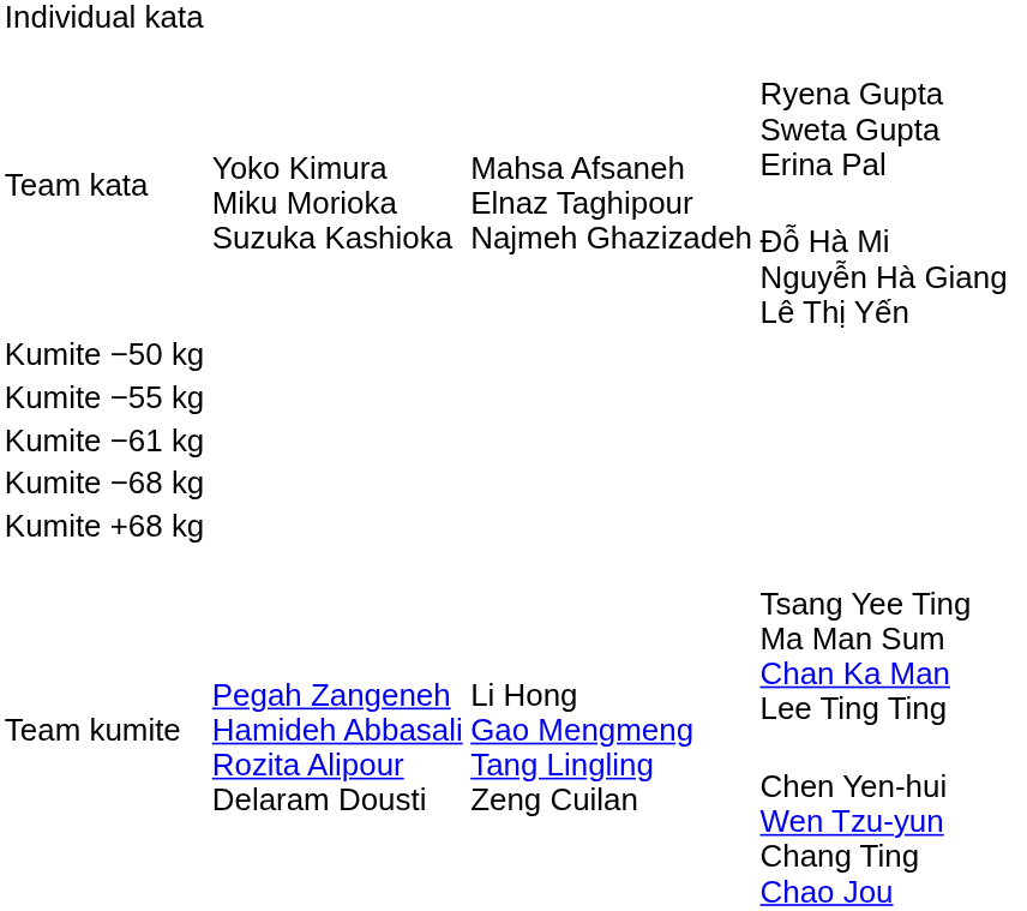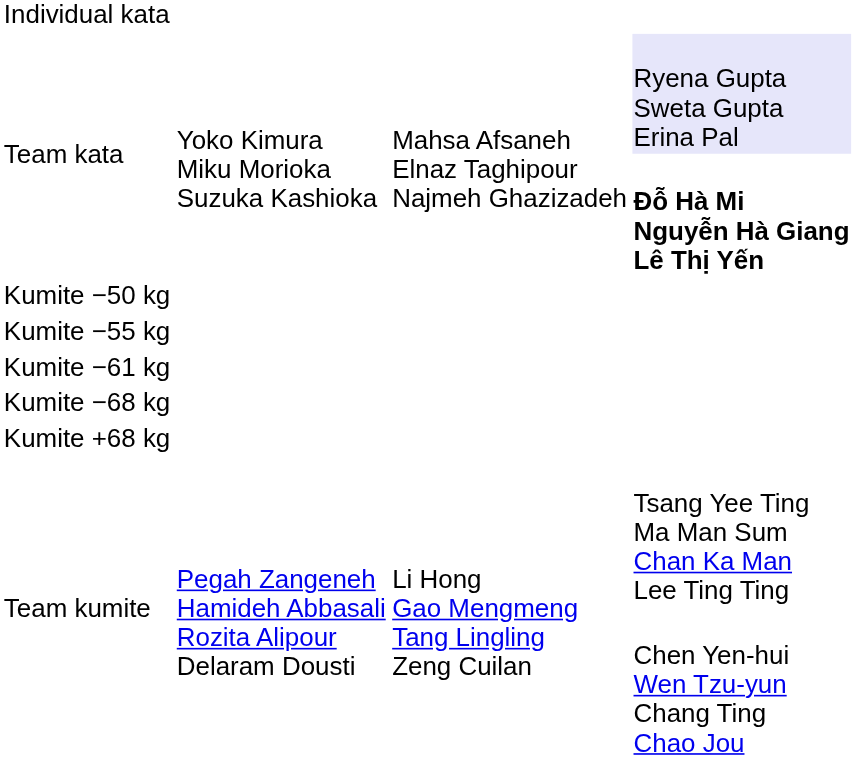 <table>
 <tr>
 <td rowspan=2>Individual kata</td>
 <td rowspan=2></td>
 <td rowspan=2></td>
 <td></td>
 </tr>
 <tr>
 <td></td>
 </tr>
 <tr>
 <td rowspan=2>Team kata</td>
 <td rowspan=2><br>Yoko Kimura<br>Miku Morioka<br>Suzuka Kashioka</td>
 <td rowspan=2><br>Mahsa Afsaneh<br>Elnaz Taghipour<br>Najmeh Ghazizadeh</td>
-<td><br>Ryena Gupta<br>Sweta Gupta<br>Erina Pal</td>
+<td style="background: lavender;"><br>Ryena Gupta<br>Sweta Gupta<br>Erina Pal</td>
 </tr>
 <tr>
-<td><br>Đỗ Hà Mi<br>Nguyễn Hà Giang<br>Lê Thị Yến</td>
+<td><strong><br>Đỗ Hà Mi<br>Nguyễn Hà Giang<br>Lê Thị Yến</strong></td>
 </tr>
 <tr>
 <td rowspan=2>Kumite −50 kg</td>
 <td rowspan=2></td>
 <td rowspan=2></td>
 <td></td>
 </tr>
 <tr>
 <td></td>
 </tr>
 <tr>
 <td rowspan=2>Kumite −55 kg</td>
 <td rowspan=2></td>
 <td rowspan=2></td>
 <td></td>
 </tr>
 <tr>
 <td></td>
 </tr>
 <tr>
 <td rowspan=2>Kumite −61 kg</td>
 <td rowspan=2></td>
 <td rowspan=2></td>
 <td></td>
 </tr>
 <tr>
 <td></td>
 </tr>
 <tr>
 <td rowspan=2>Kumite −68 kg</td>
 <td rowspan=2></td>
 <td rowspan=2></td>
 <td></td>
 </tr>
 <tr>
 <td></td>
 </tr>
 <tr>
 <td rowspan=2>Kumite +68 kg</td>
 <td rowspan=2></td>
 <td rowspan=2></td>
 <td></td>
 </tr>
 <tr>
 <td></td>
 </tr>
 <tr>
 <td rowspan=2>Team kumite</td>
 <td rowspan=2><br><a href='#'>Pegah Zangeneh</a><br><a href='#'>Hamideh Abbasali</a><br><a href='#'>Rozita Alipour</a><br>Delaram Dousti</td>
 <td rowspan=2><br>Li Hong<br><a href='#'>Gao Mengmeng</a><br><a href='#'>Tang Lingling</a><br>Zeng Cuilan</td>
 <td><br>Tsang Yee Ting<br>Ma Man Sum<br><a href='#'>Chan Ka Man</a><br>Lee Ting Ting</td>
 </tr>
 <tr>
 <td><br>Chen Yen-hui<br><a href='#'>Wen Tzu-yun</a><br>Chang Ting<br><a href='#'>Chao Jou</a></td>
 </tr>
 </table>
